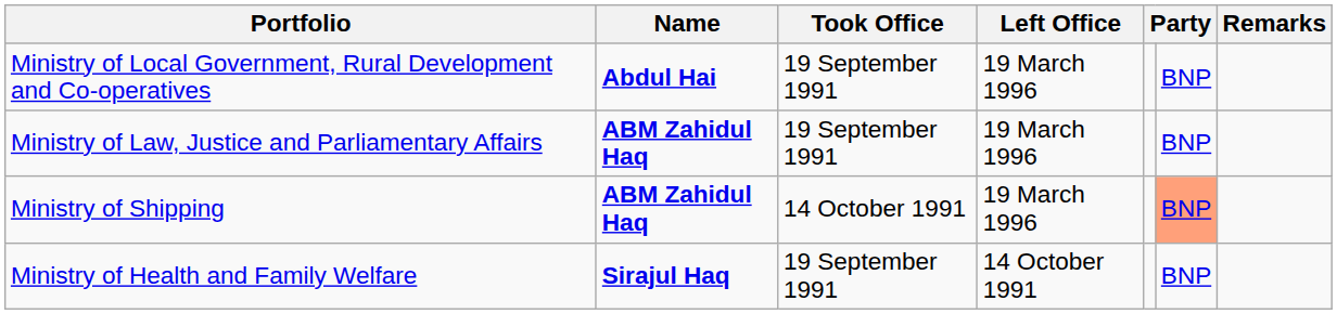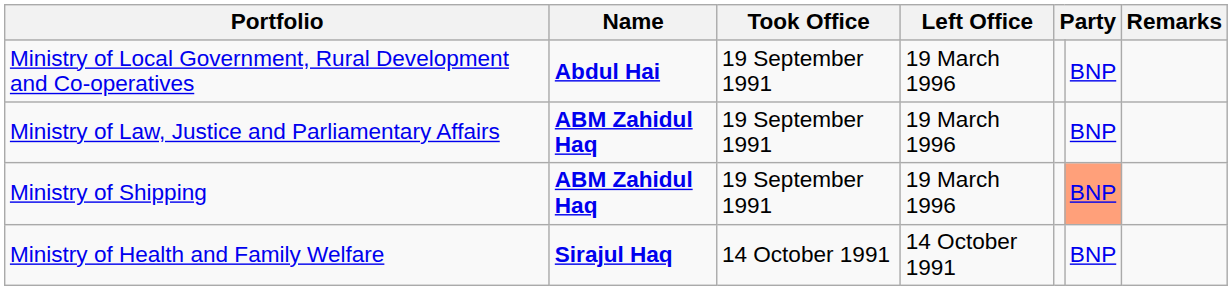 <table class="wikitable sortable">
 <tr>
 <th>Portfolio</th>
 <th>Name</th>
 <th>Took Office</th>
 <th>Left Office</th>
 <th colspan="2">Party</th>
 <th>Remarks</th>
 </tr>
 <tr>
 <td><a href='#'>Ministry of Local Government, Rural Development and Co-operatives</a></td>
 <td><a href='#'><strong>Abdul Hai</strong></a></td>
 <td>19 September 1991</td>
 <td>19 March 1996</td>
 <td style="background-color:"></td>
 <td><a href='#'>BNP</a></td>
 <td></td>
 </tr>
 <tr>
 <td><a href='#'>Ministry of Law, Justice and Parliamentary Affairs</a></td>
 <td><a href='#'><strong>ABM Zahidul Haq</strong></a></td>
 <td>19 September 1991</td>
 <td>19 March 1996</td>
 <td style="background-color:"></td>
 <td><a href='#'>BNP</a></td>
 <td></td>
 </tr>
 <tr>
 <td><a href='#'>Ministry of Shipping</a></td>
 <td><a href='#'><strong>ABM Zahidul Haq</strong></a></td>
-<td>14 October 1991</td>
+<td>19 September 1991</td>
 <td>19 March 1996</td>
 <td style="background-color:"></td>
 <td style="background: lightsalmon;"><a href='#'>BNP</a></td>
 <td></td>
 </tr>
 <tr>
 <td><a href='#'>Ministry of Health and Family Welfare</a></td>
 <td><a href='#'><strong>Sirajul Haq</strong></a></td>
-<td>19 September 1991</td>
+<td>14 October 1991</td>
 <td>14 October 1991</td>
 <td style="background-color:"></td>
 <td><a href='#'>BNP</a></td>
 <td></td>
 </tr>
 </table>
